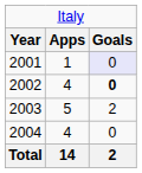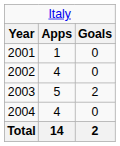 <table class="wikitable" style="text-align:center">
 <tr>
 <td colspan=3><a href='#'>Italy</a></td>
 </tr>
 <tr>
 <th>Year</th>
 <th>Apps</th>
 <th>Goals</th>
 </tr>
 <tr>
 <td>2001</td>
 <td>1</td>
-<td style="background: lavender;">0</td>
+<td>0</td>
 </tr>
 <tr>
 <td>2002</td>
 <td>4</td>
-<td><strong>0</strong></td>
+<td>0</td>
 </tr>
 <tr>
 <td>2003</td>
 <td>5</td>
 <td>2</td>
 </tr>
 <tr>
 <td>2004</td>
 <td>4</td>
 <td>0</td>
 </tr>
 <tr>
 <th>Total</th>
 <th>14</th>
 <th>2</th>
 </tr>
 </table>
